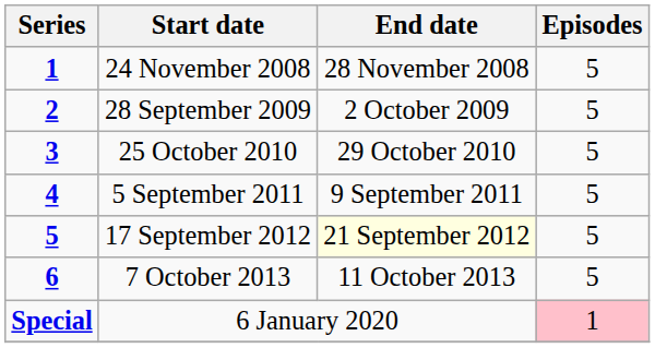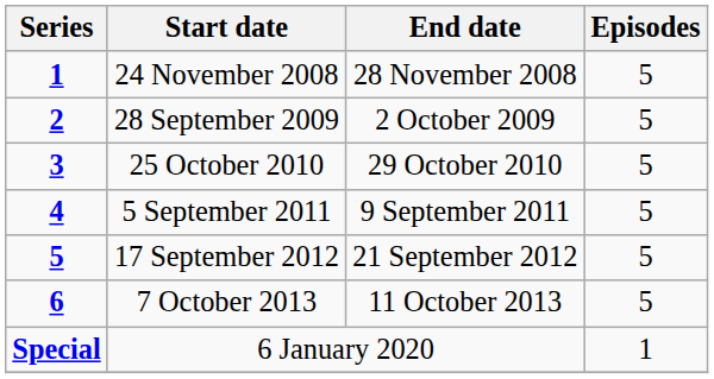 <table class="wikitable" style="text-align:center;">
 <tr>
 <th>Series</th>
 <th>Start date</th>
 <th>End date</th>
 <th>Episodes</th>
 </tr>
 <tr>
 <td><strong><a href='#'>1</a></strong></td>
 <td>24 November 2008</td>
 <td>28 November 2008</td>
 <td>5</td>
 </tr>
 <tr>
 <td><strong><a href='#'>2</a></strong></td>
 <td>28 September 2009</td>
 <td>2 October 2009</td>
 <td>5</td>
 </tr>
 <tr>
 <td><strong><a href='#'>3</a></strong></td>
 <td>25 October 2010</td>
 <td>29 October 2010</td>
 <td>5</td>
 </tr>
 <tr>
 <td><strong><a href='#'>4</a></strong></td>
 <td>5 September 2011</td>
 <td>9 September 2011</td>
 <td>5</td>
 </tr>
 <tr>
 <td><strong><a href='#'>5</a></strong></td>
 <td>17 September 2012</td>
-<td style="background: lightyellow;">21 September 2012</td>
+<td>21 September 2012</td>
 <td>5</td>
 </tr>
 <tr>
 <td><strong><a href='#'>6</a></strong></td>
 <td>7 October 2013</td>
 <td>11 October 2013</td>
 <td>5</td>
 </tr>
 <tr>
 <td><strong><a href='#'>Special</a></strong></td>
 <td colspan="2">6 January 2020</td>
-<td style="background: pink;">1</td>
+<td>1</td>
 </tr>
 <tr>
 </tr>
 </table>
